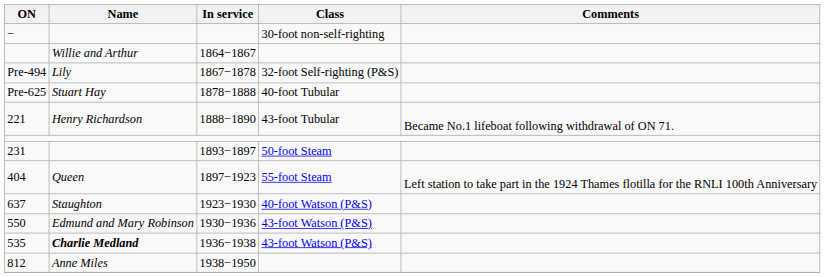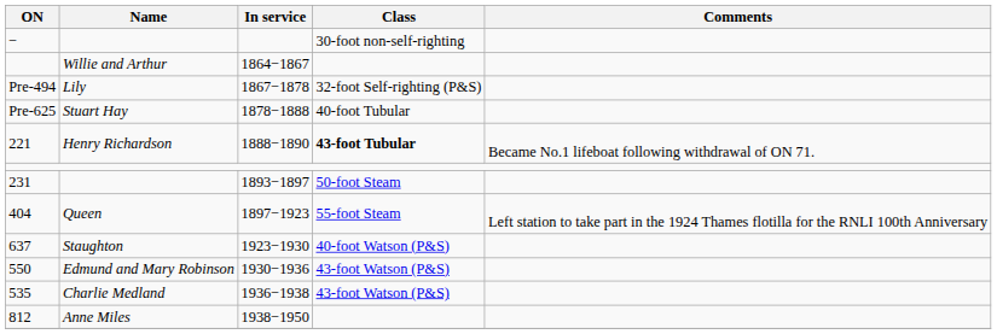 <table class="wikitable">
 <tr>
 <th>ON</th>
 <th>Name</th>
 <th>In service</th>
 <th>Class</th>
 <th>Comments</th>
 </tr>
 <tr>
 <td>−</td>
 <td></td>
 <td></td>
 <td>30-foot non-self-righting</td>
 <td></td>
 </tr>
 <tr>
 <td></td>
 <td><em>Willie and Arthur</em></td>
 <td>1864−1867</td>
 <td></td>
 <td></td>
 </tr>
 <tr>
 <td>Pre-494</td>
 <td><em>Lily</em></td>
 <td>1867−1878</td>
 <td>32-foot Self-righting (P&S)</td>
 <td></td>
 </tr>
 <tr>
 <td>Pre-625</td>
 <td><em>Stuart Hay</em></td>
 <td>1878−1888</td>
 <td>40-foot Tubular</td>
 <td></td>
 </tr>
 <tr>
 <td>221</td>
 <td><em>Henry Richardson</em></td>
 <td>1888−1890</td>
-<td>43-foot Tubular</td>
+<td><strong>43-foot Tubular</strong></td>
 <td><br>Became No.1 lifeboat following withdrawal of ON 71.</td>
 </tr>
 <tr>
 <td colspan=6 style="text-align: center;"></td>
 </tr>
 <tr>
 <td>231</td>
 <td></td>
 <td>1893−1897</td>
 <td><a href='#'>50-foot Steam</a></td>
 <td></td>
 </tr>
 <tr>
 <td>404</td>
 <td><em>Queen</em></td>
 <td>1897−1923</td>
 <td><a href='#'>55-foot Steam</a></td>
 <td><br>Left station to take part in the 1924 Thames flotilla for the RNLI 100th Anniversary</td>
 </tr>
 <tr>
 <td>637</td>
 <td><em>Staughton</em></td>
 <td>1923−1930</td>
 <td><a href='#'>40-foot Watson (P&S)</a></td>
 <td></td>
 </tr>
 <tr>
 <td>550</td>
 <td><em>Edmund and Mary Robinson</em></td>
 <td>1930−1936</td>
 <td><a href='#'>43-foot Watson (P&S)</a></td>
 <td></td>
 </tr>
 <tr>
 <td>535</td>
-<td><strong><em>Charlie Medland</em></strong></td>
+<td><em>Charlie Medland</em></td>
 <td>1936−1938</td>
 <td><a href='#'>43-foot Watson (P&S)</a></td>
 <td></td>
 </tr>
 <tr>
 <td>812</td>
 <td><em>Anne Miles</em></td>
 <td>1938−1950</td>
 <td></td>
 <td></td>
 </tr>
 <tr>
 </tr>
 </table>
